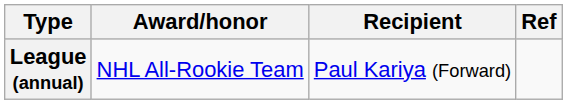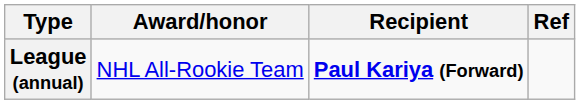 <table class="wikitable">
 <tr>
 <th scope="col">Type</th>
 <th scope="col">Award/honor</th>
 <th scope="col">Recipient</th>
 <th scope="col">Ref</th>
 </tr>
 <tr>
 <th scope="row">League<br><small>(annual)</small></th>
 <td><a href='#'>NHL All-Rookie Team</a></td>
-<td><a href='#'>Paul Kariya</a> <small>(Forward)</small></td>
+<td><strong><a href='#'>Paul Kariya</a> <small>(Forward)</small></strong></td>
 <td></td>
 </tr>
 </table>
